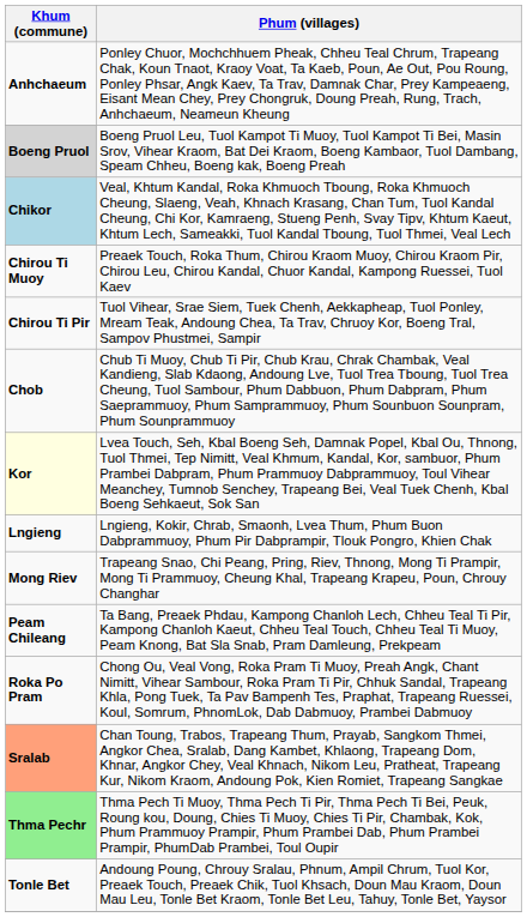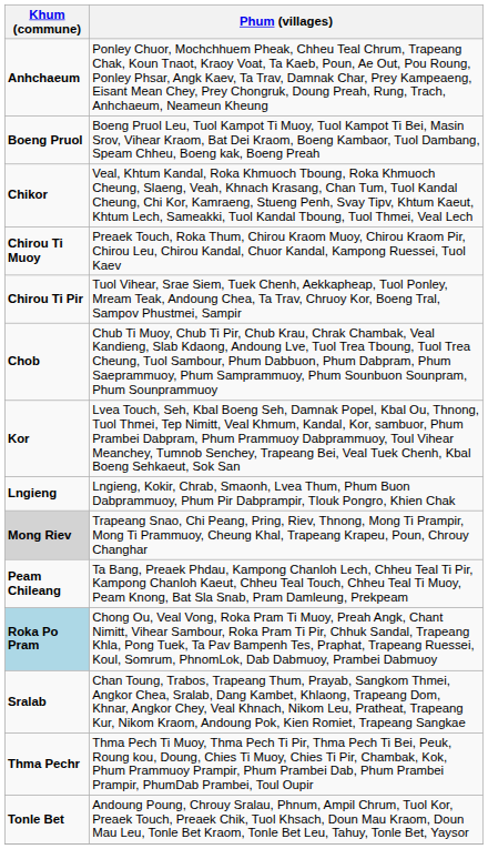 <table class="wikitable">
 <tr>
 <th><a href='#'>Khum</a> (commune)</th>
 <th><a href='#'>Phum</a> (villages)</th>
 </tr>
 <tr>
 <td><strong>Anhchaeum</strong></td>
 <td>Ponley Chuor, Mochchhuem Pheak, Chheu Teal Chrum, Trapeang Chak, Koun Tnaot, Kraoy Voat, Ta Kaeb, Poun, Ae Out, Pou Roung, Ponley Phsar, Angk Kaev, Ta Trav, Damnak Char, Prey Kampeaeng, Eisant Mean Chey, Prey Chongruk, Doung Preah, Rung, Trach, Anhchaeum, Neameun Kheung</td>
 </tr>
 <tr>
-<td style="background: lightgrey;"><strong>Boeng Pruol</strong></td>
+<td><strong>Boeng Pruol</strong></td>
 <td>Boeng Pruol Leu, Tuol Kampot Ti Muoy, Tuol Kampot Ti Bei, Masin Srov, Vihear Kraom, Bat Dei Kraom, Boeng Kambaor, Tuol Dambang, Speam Chheu, Boeng kak, Boeng Preah</td>
 </tr>
 <tr>
-<td style="background: lightblue;"><strong>Chikor</strong></td>
+<td><strong>Chikor</strong></td>
 <td>Veal, Khtum Kandal, Roka Khmuoch Tboung, Roka Khmuoch Cheung, Slaeng, Veah, Khnach Krasang, Chan Tum, Tuol Kandal Cheung, Chi Kor, Kamraeng, Stueng Penh, Svay Tipv, Khtum Kaeut, Khtum Lech, Sameakki, Tuol Kandal Tboung, Tuol Thmei, Veal Lech</td>
 </tr>
 <tr>
 <td><strong>Chirou Ti Muoy</strong></td>
 <td>Preaek Touch, Roka Thum, Chirou Kraom Muoy, Chirou Kraom Pir, Chirou Leu, Chirou Kandal, Chuor Kandal, Kampong Ruessei, Tuol Kaev</td>
 </tr>
 <tr>
 <td><strong>Chirou Ti Pir</strong></td>
 <td>Tuol Vihear, Srae Siem, Tuek Chenh, Aekkapheap, Tuol Ponley, Mream Teak, Andoung Chea, Ta Trav, Chruoy Kor, Boeng Tral, Sampov Phustmei, Sampir</td>
 </tr>
 <tr>
 <td><strong>Chob</strong></td>
 <td>Chub Ti Muoy, Chub Ti Pir, Chub Krau, Chrak Chambak, Veal Kandieng, Slab Kdaong, Andoung Lve, Tuol Trea Tboung, Tuol Trea Cheung, Tuol Sambour, Phum Dabbuon, Phum Dabpram, Phum Saeprammuoy, Phum Samprammuoy, Phum Sounbuon Sounpram, Phum Sounprammuoy</td>
 </tr>
 <tr>
-<td style="background: lightyellow;"><strong>Kor</strong></td>
+<td><strong>Kor</strong></td>
 <td>Lvea Touch, Seh, Kbal Boeng Seh, Damnak Popel, Kbal Ou, Thnong, Tuol Thmei, Tep Nimitt, Veal Khmum, Kandal, Kor, sambuor, Phum Prambei Dabpram, Phum Prammuoy Dabprammuoy, Toul Vihear Meanchey, Tumnob Senchey, Trapeang Bei, Veal Tuek Chenh, Kbal Boeng Sehkaeut, Sok San</td>
 </tr>
 <tr>
 <td><strong>Lngieng</strong></td>
 <td>Lngieng, Kokir, Chrab, Smaonh, Lvea Thum, Phum Buon Dabprammuoy, Phum Pir Dabprampir, Tlouk Pongro, Khien Chak</td>
 </tr>
 <tr>
-<td><strong>Mong Riev</strong></td>
+<td style="background: lightgrey;"><strong>Mong Riev</strong></td>
 <td>Trapeang Snao, Chi Peang, Pring, Riev, Thnong, Mong Ti Prampir, Mong Ti Prammuoy, Cheung Khal, Trapeang Krapeu, Poun, Chrouy Changhar</td>
 </tr>
 <tr>
 <td><strong>Peam Chileang</strong></td>
 <td>Ta Bang, Preaek Phdau, Kampong Chanloh Lech, Chheu Teal Ti Pir, Kampong Chanloh Kaeut, Chheu Teal Touch, Chheu Teal Ti Muoy, Peam Knong, Bat Sla Snab, Pram Damleung, Prekpeam</td>
 </tr>
 <tr>
-<td><strong>Roka Po Pram</strong></td>
+<td style="background: lightblue;"><strong>Roka Po Pram</strong></td>
 <td>Chong Ou, Veal Vong, Roka Pram Ti Muoy, Preah Angk, Chant Nimitt, Vihear Sambour, Roka Pram Ti Pir, Chhuk Sandal, Trapeang Khla, Pong Tuek, Ta Pav Bampenh Tes, Praphat, Trapeang Ruessei, Koul, Somrum, PhnomLok, Dab Dabmuoy, Prambei Dabmuoy</td>
 </tr>
 <tr>
-<td style="background: lightsalmon;"><strong>Sralab</strong></td>
+<td><strong>Sralab</strong></td>
 <td>Chan Toung, Trabos, Trapeang Thum, Prayab, Sangkom Thmei, Angkor Chea, Sralab, Dang Kambet, Khlaong, Trapeang Dom, Khnar, Angkor Chey, Veal Khnach, Nikom Leu, Pratheat, Trapeang Kur, Nikom Kraom, Andoung Pok, Kien Romiet, Trapeang Sangkae</td>
 </tr>
 <tr>
-<td style="background: lightgreen;"><strong>Thma Pechr</strong></td>
+<td><strong>Thma Pechr</strong></td>
 <td>Thma Pech Ti Muoy, Thma Pech Ti Pir, Thma Pech Ti Bei, Peuk, Roung kou, Doung, Chies Ti Muoy, Chies Ti Pir, Chambak, Kok, Phum Prammuoy Prampir, Phum Prambei Dab, Phum Prambei Prampir, PhumDab Prambei, Toul Oupir</td>
 </tr>
 <tr>
 <td><strong>Tonle Bet</strong></td>
 <td>Andoung Poung, Chrouy Sralau, Phnum, Ampil Chrum, Tuol Kor, Preaek Touch, Preaek Chik, Tuol Khsach, Doun Mau Kraom, Doun Mau Leu, Tonle Bet Kraom, Tonle Bet Leu, Tahuy, Tonle Bet, Yaysor</td>
 </tr>
 <tr>
 </tr>
 </table>
